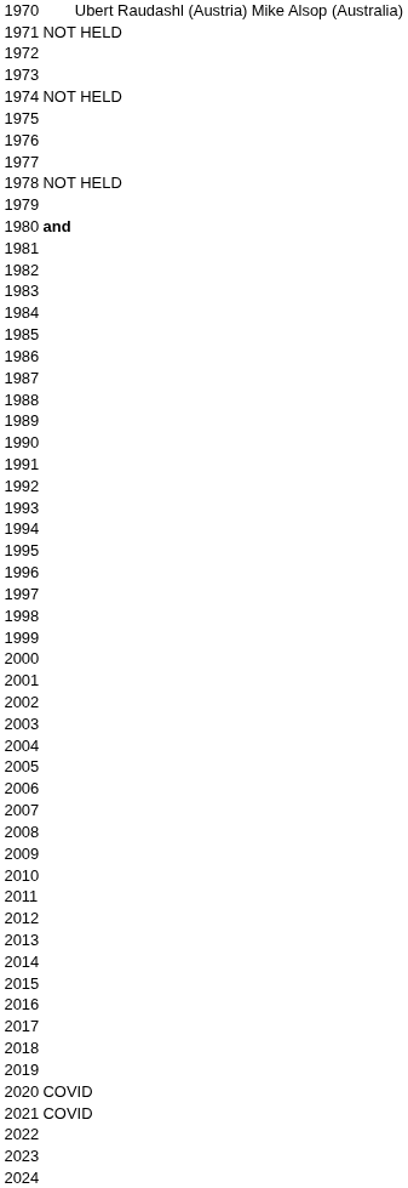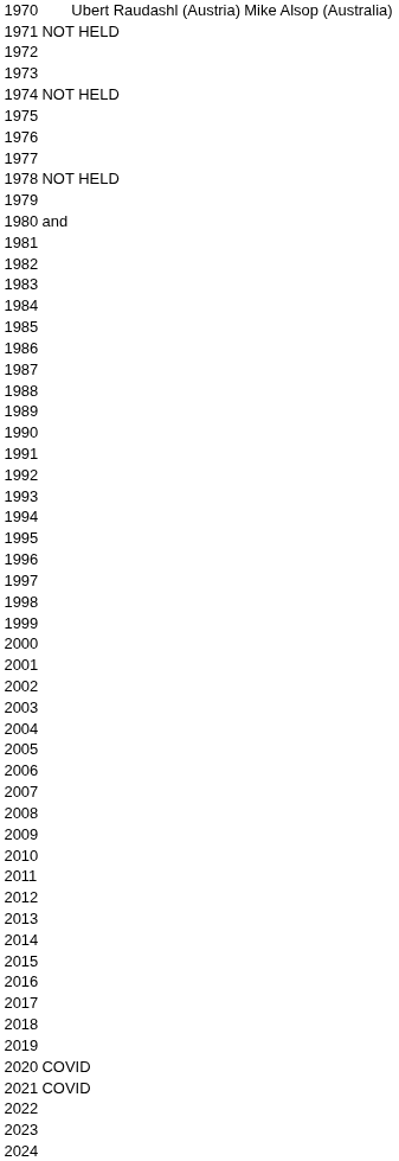 <table>
 <tr>
 <td>1970</td>
 <td></td>
 <td>Ubert Raudashl (Austria)</td>
 <td>Mike Alsop (Australia)</td>
 <td></td>
 </tr>
 <tr>
 <td>1971</td>
 <td colspan=3>NOT HELD</td>
 <td></td>
 </tr>
 <tr>
 <td>1972</td>
 <td></td>
 <td></td>
 <td></td>
 <td></td>
 </tr>
 <tr>
 <td>1973</td>
 <td></td>
 <td></td>
 <td></td>
 </tr>
 <tr>
 <td>1974</td>
 <td colspan=3>NOT HELD</td>
 <td></td>
 </tr>
 <tr>
 <td>1975</td>
 <td></td>
 <td></td>
 <td></td>
 </tr>
 <tr>
 <td>1976</td>
 <td></td>
 <td></td>
 <td></td>
 <td></td>
 </tr>
 <tr>
 <td>1977</td>
 <td></td>
 <td></td>
 <td></td>
 <td></td>
 </tr>
 <tr>
 <td>1978</td>
 <td colspan=3>NOT HELD</td>
 <td></td>
 </tr>
 <tr>
 <td>1979</td>
 <td></td>
 <td></td>
 <td></td>
 </tr>
 <tr>
 <td>1980</td>
-<td><strong> and <br></strong></td>
+<td> and <br></td>
 <td></td>
 <td></td>
 <td></td>
 </tr>
 <tr>
 <td>1981</td>
 <td></td>
 <td></td>
 <td></td>
 </tr>
 <tr>
 <td>1982</td>
 <td></td>
 <td></td>
 <td></td>
 <td></td>
 </tr>
 <tr>
 <td>1983</td>
 <td></td>
 <td></td>
 <td></td>
 <td></td>
 </tr>
 <tr>
 <td>1984</td>
 <td></td>
 <td></td>
 <td></td>
 <td></td>
 </tr>
 <tr>
 <td>1985</td>
 <td></td>
 <td></td>
 <td></td>
 </tr>
 <tr>
 <td>1986</td>
 <td></td>
 <td></td>
 <td></td>
 <td></td>
 </tr>
 <tr>
 <td>1987</td>
 <td></td>
 <td></td>
 <td></td>
 </tr>
 <tr>
 <td>1988</td>
 <td></td>
 <td></td>
 <td></td>
 <td></td>
 </tr>
 <tr>
 <td>1989</td>
 <td></td>
 <td></td>
 <td></td>
 </tr>
 <tr>
 <td>1990</td>
 <td></td>
 <td></td>
 <td></td>
 </tr>
 <tr>
 <td>1991</td>
 <td></td>
 <td></td>
 <td></td>
 </tr>
 <tr>
 <td>1992</td>
 <td></td>
 <td></td>
 <td></td>
 </tr>
 <tr>
 <td>1993</td>
 <td></td>
 <td></td>
 <td></td>
 <td></td>
 </tr>
 <tr>
 <td>1994</td>
 <td></td>
 <td></td>
 <td></td>
 </tr>
 <tr>
 <td>1995</td>
 <td></td>
 <td></td>
 <td></td>
 <td></td>
 </tr>
 <tr>
 <td>1996</td>
 <td></td>
 <td></td>
 <td></td>
 <td></td>
 </tr>
 <tr>
 <td>1997</td>
 <td></td>
 <td></td>
 <td></td>
 <td></td>
 </tr>
 <tr>
 <td>1998</td>
 <td></td>
 <td></td>
 <td></td>
 <td></td>
 </tr>
 <tr>
 <td>1999</td>
 <td></td>
 <td></td>
 <td></td>
 <td></td>
 </tr>
 <tr>
 <td>2000</td>
 <td></td>
 <td></td>
 <td></td>
 <td></td>
 </tr>
 <tr>
 <td>2001</td>
 <td></td>
 <td></td>
 <td></td>
 <td></td>
 </tr>
 <tr>
 <td>2002</td>
 <td></td>
 <td></td>
 <td></td>
 <td></td>
 </tr>
 <tr>
 <td>2003</td>
 <td></td>
 <td></td>
 <td></td>
 <td></td>
 </tr>
 <tr>
 <td>2004</td>
 <td></td>
 <td></td>
 <td></td>
 <td></td>
 </tr>
 <tr>
 <td>2005</td>
 <td></td>
 <td></td>
 <td></td>
 <td></td>
 </tr>
 <tr>
 <td>2006</td>
 <td></td>
 <td></td>
 <td></td>
 <td></td>
 </tr>
 <tr>
 <td>2007</td>
 <td></td>
 <td></td>
 <td></td>
 <td></td>
 </tr>
 <tr>
 <td>2008</td>
 <td></td>
 <td></td>
 <td></td>
 <td></td>
 </tr>
 <tr>
 <td>2009</td>
 <td></td>
 <td></td>
 <td></td>
 <td></td>
 </tr>
 <tr>
 <td>2010</td>
 <td></td>
 <td></td>
 <td></td>
 <td></td>
 </tr>
 <tr>
 <td>2011</td>
 <td></td>
 <td></td>
 <td></td>
 <td></td>
 </tr>
 <tr>
 <td>2012</td>
 <td></td>
 <td></td>
 <td></td>
 <td></td>
 </tr>
 <tr>
 <td>2013</td>
 <td></td>
 <td></td>
 <td></td>
 <td></td>
 </tr>
 <tr>
 <td>2014</td>
 <td></td>
 <td></td>
 <td></td>
 <td></td>
 </tr>
 <tr>
 <td>2015</td>
 <td></td>
 <td></td>
 <td></td>
 <td></td>
 </tr>
 <tr>
 <td>2016</td>
 <td></td>
 <td></td>
 <td></td>
 <td></td>
 </tr>
 <tr>
 <td>2017</td>
 <td></td>
 <td></td>
 <td></td>
 <td></td>
 </tr>
 <tr>
 <td>2018</td>
 <td></td>
 <td></td>
 <td></td>
 <td></td>
 </tr>
 <tr>
 <td>2019</td>
 <td></td>
 <td></td>
 <td></td>
 </tr>
 <tr>
 <td>2020</td>
 <td colspan=3>COVID</td>
 <td></td>
 </tr>
 <tr>
 <td>2021</td>
 <td colspan=3>COVID</td>
 <td></td>
 </tr>
 <tr>
 <td>2022</td>
 <td></td>
 <td></td>
 <td></td>
 </tr>
 <tr>
 <td>2023</td>
 <td></td>
 <td></td>
 <td></td>
 </tr>
 <tr>
 <td>2024</td>
 <td></td>
 <td></td>
 <td></td>
 <td></td>
 </tr>
 </table>
